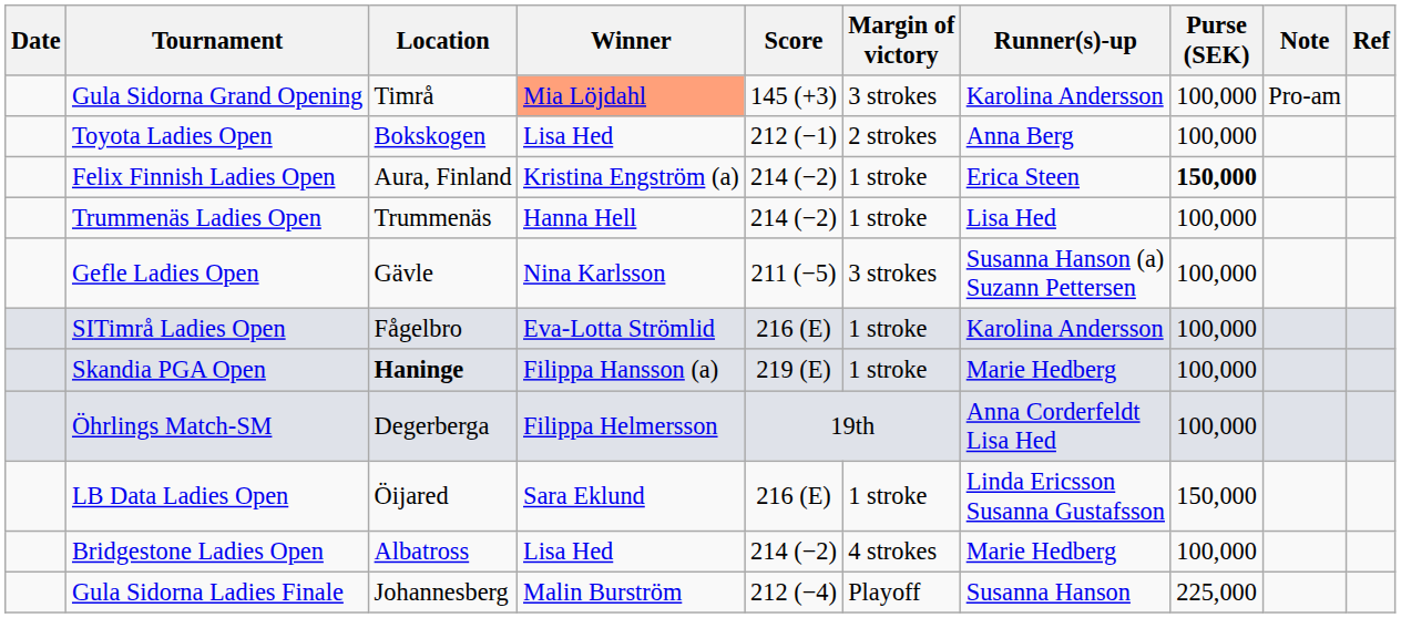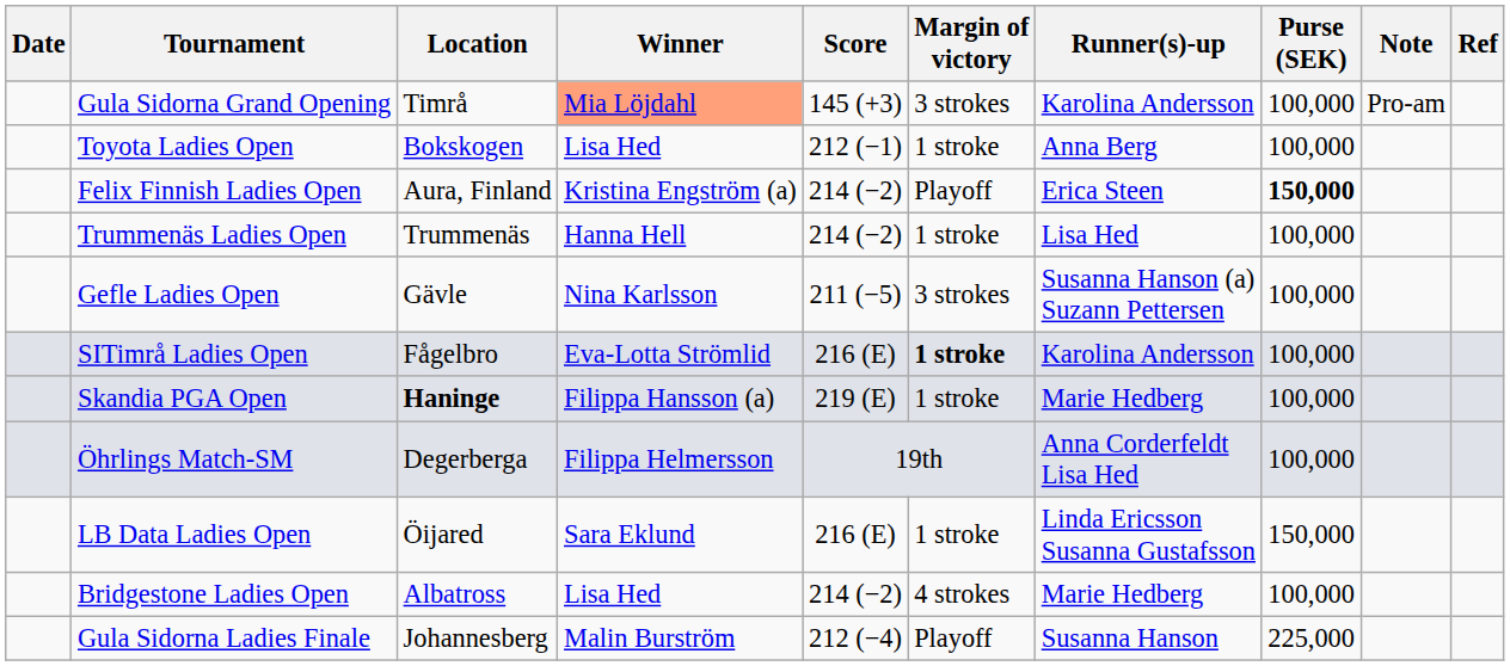 <table class="wikitable" style="font-size:95%;">
 <tr>
 <th>Date</th>
 <th>Tournament</th>
 <th>Location</th>
 <th>Winner</th>
 <th>Score</th>
 <th>Margin of<br>victory</th>
 <th>Runner(s)-up</th>
 <th>Purse<br>(SEK)</th>
 <th>Note</th>
 <th>Ref</th>
 </tr>
 <tr>
 <td></td>
 <td><a href='#'>Gula Sidorna Grand Opening</a></td>
 <td>Timrå</td>
 <td style="background: lightsalmon;"> <a href='#'>Mia Löjdahl</a></td>
 <td align=center>145 (+3)</td>
 <td>3 strokes</td>
 <td> <a href='#'>Karolina Andersson</a></td>
 <td align=right>100,000</td>
 <td>Pro-am</td>
 <td></td>
 </tr>
 <tr>
 <td></td>
 <td><a href='#'>Toyota Ladies Open</a></td>
 <td><a href='#'>Bokskogen</a></td>
 <td> <a href='#'>Lisa Hed</a></td>
 <td align=center>212 (−1)</td>
-<td>2 strokes</td>
+<td>1 stroke</td>
 <td> <a href='#'>Anna Berg</a></td>
 <td align=right>100,000</td>
 <td></td>
 <td></td>
 </tr>
 <tr>
 <td></td>
 <td><a href='#'>Felix Finnish Ladies Open</a></td>
 <td>Aura, Finland</td>
 <td> <a href='#'>Kristina Engström</a> (a)</td>
 <td align=center>214 (−2)</td>
-<td>1 stroke</td>
+<td>Playoff</td>
 <td> <a href='#'>Erica Steen</a></td>
 <td align=right><strong>150,000</strong></td>
 <td></td>
 <td></td>
 </tr>
 <tr>
 <td></td>
 <td><a href='#'>Trummenäs Ladies Open</a></td>
 <td>Trummenäs</td>
 <td> <a href='#'>Hanna Hell</a></td>
 <td align=center>214 (−2)</td>
 <td>1 stroke</td>
 <td> <a href='#'>Lisa Hed</a></td>
 <td align=right>100,000</td>
 <td></td>
 <td></td>
 </tr>
 <tr>
 <td></td>
 <td><a href='#'>Gefle Ladies Open</a></td>
 <td>Gävle</td>
 <td> <a href='#'>Nina Karlsson</a></td>
 <td align=center>211 (−5)</td>
 <td>3 strokes</td>
 <td> <a href='#'>Susanna Hanson</a> (a)<br> <a href='#'>Suzann Pettersen</a></td>
 <td align=right>100,000</td>
 <td></td>
 <td></td>
 </tr>
 <tr style="background:#dfe2e9;">
 <td></td>
 <td><a href='#'>SI</a><a href='#'>Timrå Ladies Open</a></td>
 <td>Fågelbro</td>
 <td> <a href='#'>Eva-Lotta Strömlid</a></td>
 <td align=center>216 (E)</td>
-<td>1 stroke</td>
+<td><strong>1 stroke</strong></td>
 <td> <a href='#'>Karolina Andersson</a></td>
 <td align=right>100,000</td>
 <td></td>
 <td></td>
 </tr>
 <tr style="background:#dfe2e9;">
 <td></td>
 <td><a href='#'>Skandia PGA Open</a></td>
 <td><strong>Haninge</strong></td>
 <td> <a href='#'>Filippa Hansson</a> (a)</td>
 <td align=center>219 (E)</td>
 <td>1 stroke</td>
 <td> <a href='#'>Marie Hedberg</a></td>
 <td align=right>100,000</td>
 <td></td>
 <td></td>
 </tr>
 <tr style="background:#dfe2e9;">
 <td></td>
 <td><a href='#'>Öhrlings Match-SM</a></td>
 <td>Degerberga</td>
 <td> <a href='#'>Filippa Helmersson</a></td>
 <td colspan=2 align=center>19th</td>
 <td> <a href='#'>Anna Corderfeldt</a><br> <a href='#'>Lisa Hed</a></td>
 <td align=right>100,000</td>
 <td></td>
 <td></td>
 </tr>
 <tr>
 <td></td>
 <td><a href='#'>LB Data Ladies Open</a></td>
 <td>Öijared</td>
 <td> <a href='#'>Sara Eklund</a></td>
 <td align=center>216 (E)</td>
 <td>1 stroke</td>
 <td> <a href='#'>Linda Ericsson</a><br> <a href='#'>Susanna Gustafsson</a></td>
 <td align=right>150,000</td>
 <td></td>
 <td></td>
 </tr>
 <tr>
 <td></td>
 <td><a href='#'>Bridgestone Ladies Open</a></td>
 <td><a href='#'>Albatross</a></td>
 <td> <a href='#'>Lisa Hed</a></td>
 <td align=center>214 (−2)</td>
 <td>4 strokes</td>
 <td> <a href='#'>Marie Hedberg</a></td>
 <td align=right>100,000</td>
 <td></td>
 <td></td>
 </tr>
 <tr>
 <td></td>
 <td><a href='#'>Gula Sidorna Ladies Finale</a></td>
 <td>Johannesberg</td>
 <td> <a href='#'>Malin Burström</a></td>
 <td align=center>212 (−4)</td>
 <td>Playoff</td>
 <td> <a href='#'>Susanna Hanson</a></td>
 <td align=right>225,000</td>
 <td></td>
 <td></td>
 </tr>
 </table>
